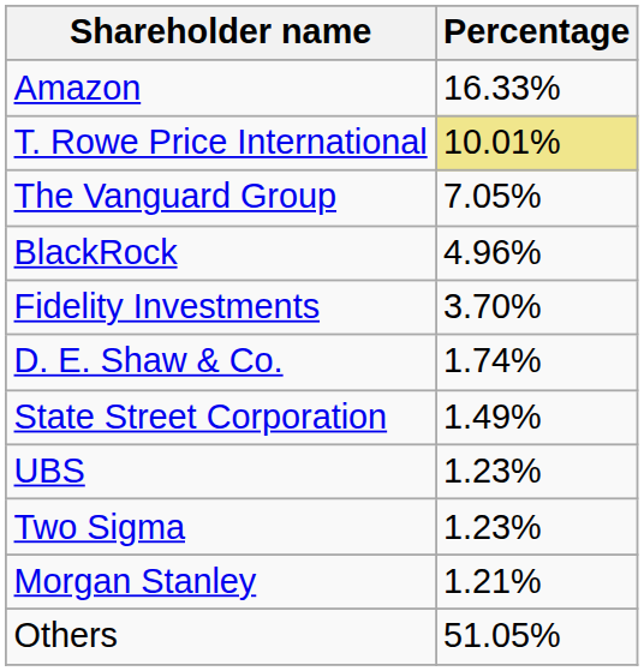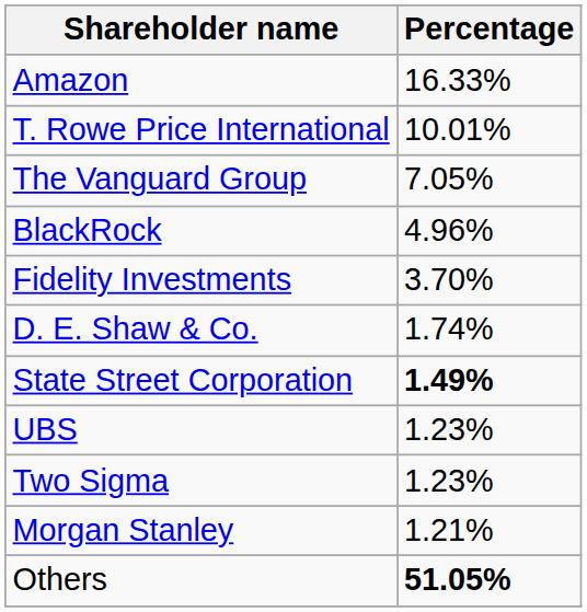 <table class="wikitable sortable">
 <tr>
 <th>Shareholder name</th>
 <th>Percentage</th>
 </tr>
 <tr>
 <td><a href='#'>Amazon</a></td>
 <td>16.33%</td>
 </tr>
 <tr>
 <td><a href='#'>T. Rowe Price International</a></td>
-<td style="background: khaki;">10.01%</td>
+<td>10.01%</td>
 </tr>
 <tr>
 <td><a href='#'>The Vanguard Group</a></td>
 <td>7.05%</td>
 </tr>
 <tr>
 <td><a href='#'>BlackRock</a></td>
 <td>4.96%</td>
 </tr>
 <tr>
 <td><a href='#'>Fidelity Investments</a></td>
 <td>3.70%</td>
 </tr>
 <tr>
 <td><a href='#'>D. E. Shaw & Co.</a></td>
 <td>1.74%</td>
 </tr>
 <tr>
 <td><a href='#'>State Street Corporation</a></td>
-<td>1.49%</td>
+<td><strong>1.49%</strong></td>
 </tr>
 <tr>
 <td><a href='#'>UBS</a></td>
 <td>1.23%</td>
 </tr>
 <tr>
 <td><a href='#'>Two Sigma</a></td>
 <td>1.23%</td>
 </tr>
 <tr>
 <td><a href='#'>Morgan Stanley</a></td>
 <td>1.21%</td>
 </tr>
 <tr>
 <td>Others</td>
-<td>51.05%</td>
+<td><strong>51.05%</strong></td>
 </tr>
 </table>
